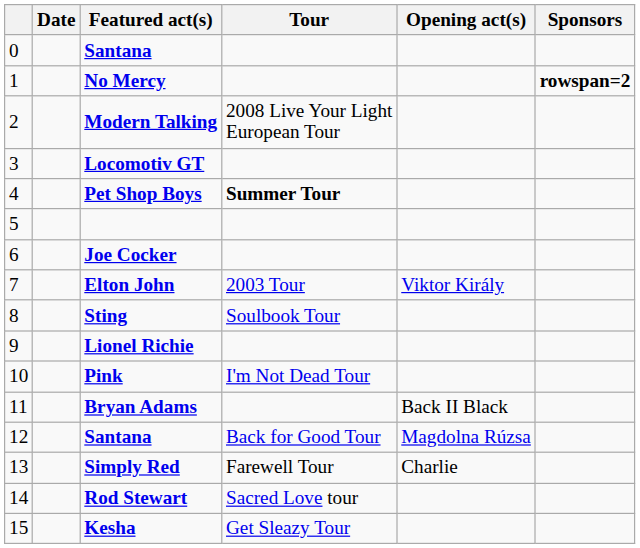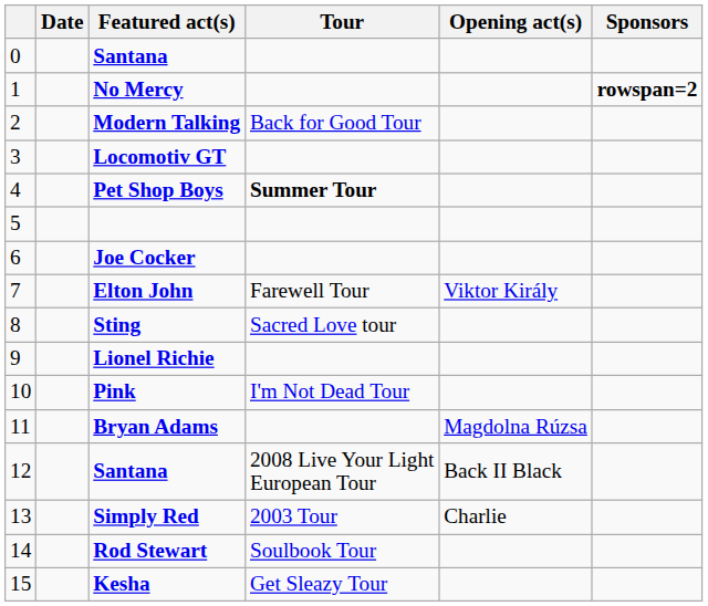 <table class="wikitable">
 <tr>
 <th></th>
 <th>Date</th>
 <th>Featured act(s)</th>
 <th>Tour</th>
 <th>Opening act(s)</th>
 <th>Sponsors</th>
 </tr>
 <tr>
 <td>0</td>
 <td></td>
 <td><strong><a href='#'>Santana</a></strong></td>
 <td></td>
 <td></td>
 <td></td>
 </tr>
 <tr>
 <td>1</td>
 <td></td>
 <td><strong><a href='#'>No Mercy</a></strong></td>
 <td></td>
 <td></td>
 <td><strong>rowspan=2 </strong></td>
 </tr>
 <tr>
 <td>2</td>
 <td></td>
 <td><strong><a href='#'>Modern Talking</a></strong></td>
-<td>2008 Live Your Light<br>European Tour</td>
+<td><a href='#'>Back for Good Tour</a></td>
 <td></td>
 </tr>
 <tr>
 <td>3</td>
 <td></td>
 <td><strong><a href='#'>Locomotiv GT</a></strong></td>
 <td></td>
 <td></td>
 <td></td>
 </tr>
 <tr>
 <td>4</td>
 <td></td>
 <td><strong><a href='#'>Pet Shop Boys</a></strong></td>
 <td><strong>Summer Tour</strong></td>
 <td></td>
 <td></td>
 </tr>
 <tr>
 <td>5</td>
 <td></td>
 <td></td>
 <td></td>
 <td></td>
 <td></td>
 </tr>
 <tr>
 <td>6</td>
 <td></td>
 <td><strong><a href='#'>Joe Cocker</a></strong></td>
 <td></td>
 <td></td>
 <td></td>
 </tr>
 <tr>
 <td>7</td>
 <td></td>
 <td><strong><a href='#'>Elton John</a></strong></td>
-<td><a href='#'>2003 Tour</a></td>
+<td>Farewell Tour</td>
 <td><a href='#'>Viktor Király</a></td>
 <td></td>
 </tr>
 <tr>
 <td>8</td>
 <td></td>
 <td><strong><a href='#'>Sting</a></strong></td>
-<td><a href='#'>Soulbook Tour</a></td>
+<td><a href='#'>Sacred Love</a> tour</td>
 <td></td>
 <td></td>
 </tr>
 <tr>
 <td>9</td>
 <td></td>
 <td><strong><a href='#'>Lionel Richie</a></strong></td>
 <td></td>
 <td></td>
 <td></td>
 </tr>
 <tr>
 <td>10</td>
 <td></td>
 <td><strong><a href='#'>Pink</a></strong></td>
 <td><a href='#'>I'm Not Dead Tour</a></td>
 <td></td>
 <td></td>
 </tr>
 <tr>
 <td>11</td>
 <td></td>
 <td><strong><a href='#'>Bryan Adams</a></strong></td>
 <td></td>
-<td>Back II Black</td>
+<td><a href='#'>Magdolna Rúzsa</a></td>
 <td></td>
 </tr>
 <tr>
 <td>12</td>
 <td></td>
 <td><strong><a href='#'>Santana</a></strong></td>
-<td><a href='#'>Back for Good Tour</a></td>
-<td><a href='#'>Magdolna Rúzsa</a></td>
+<td>2008 Live Your Light<br>European Tour</td>
+<td>Back II Black</td>
 <td></td>
 </tr>
 <tr>
 <td>13</td>
 <td></td>
 <td><strong><a href='#'>Simply Red</a></strong></td>
-<td>Farewell Tour</td>
+<td><a href='#'>2003 Tour</a></td>
 <td>Charlie</td>
 <td></td>
 </tr>
 <tr>
 <td>14</td>
 <td></td>
 <td><strong><a href='#'>Rod Stewart</a></strong></td>
-<td><a href='#'>Sacred Love</a> tour</td>
+<td><a href='#'>Soulbook Tour</a></td>
 <td></td>
 <td></td>
 </tr>
 <tr>
 <td>15</td>
 <td></td>
 <td><strong><a href='#'>Kesha</a></strong></td>
 <td><a href='#'>Get Sleazy Tour</a></td>
 <td></td>
 <td></td>
 </tr>
 </table>
